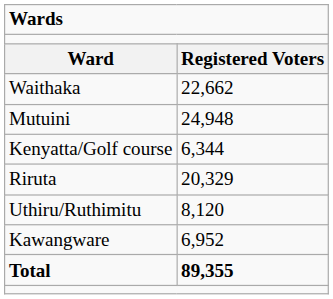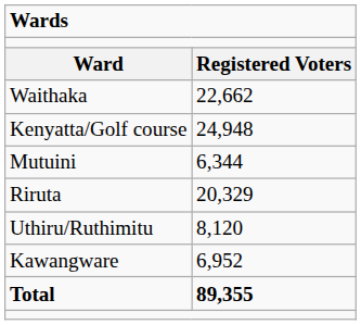 <table class="wikitable">
 <tr>
 <td colspan="2"><strong>Wards</strong></td>
 </tr>
 <tr>
 <td colspan="2"></td>
 </tr>
 <tr>
 <th>Ward</th>
 <th>Registered Voters</th>
 </tr>
 <tr>
 <td>Waithaka</td>
 <td>22,662</td>
 </tr>
 <tr>
-<td>Mutuini</td>
+<td>Kenyatta/Golf course</td>
 <td>24,948</td>
 </tr>
 <tr>
-<td>Kenyatta/Golf course</td>
+<td>Mutuini</td>
 <td>6,344</td>
 </tr>
 <tr>
 <td>Riruta</td>
 <td>20,329</td>
 </tr>
 <tr>
 <td>Uthiru/Ruthimitu</td>
 <td>8,120</td>
 </tr>
 <tr>
 <td>Kawangware</td>
 <td>6,952</td>
 </tr>
 <tr>
 <td><strong>Total</strong></td>
 <td><strong>89,355</strong></td>
 </tr>
 <tr>
 <td colspan="2"></td>
 </tr>
 </table>
